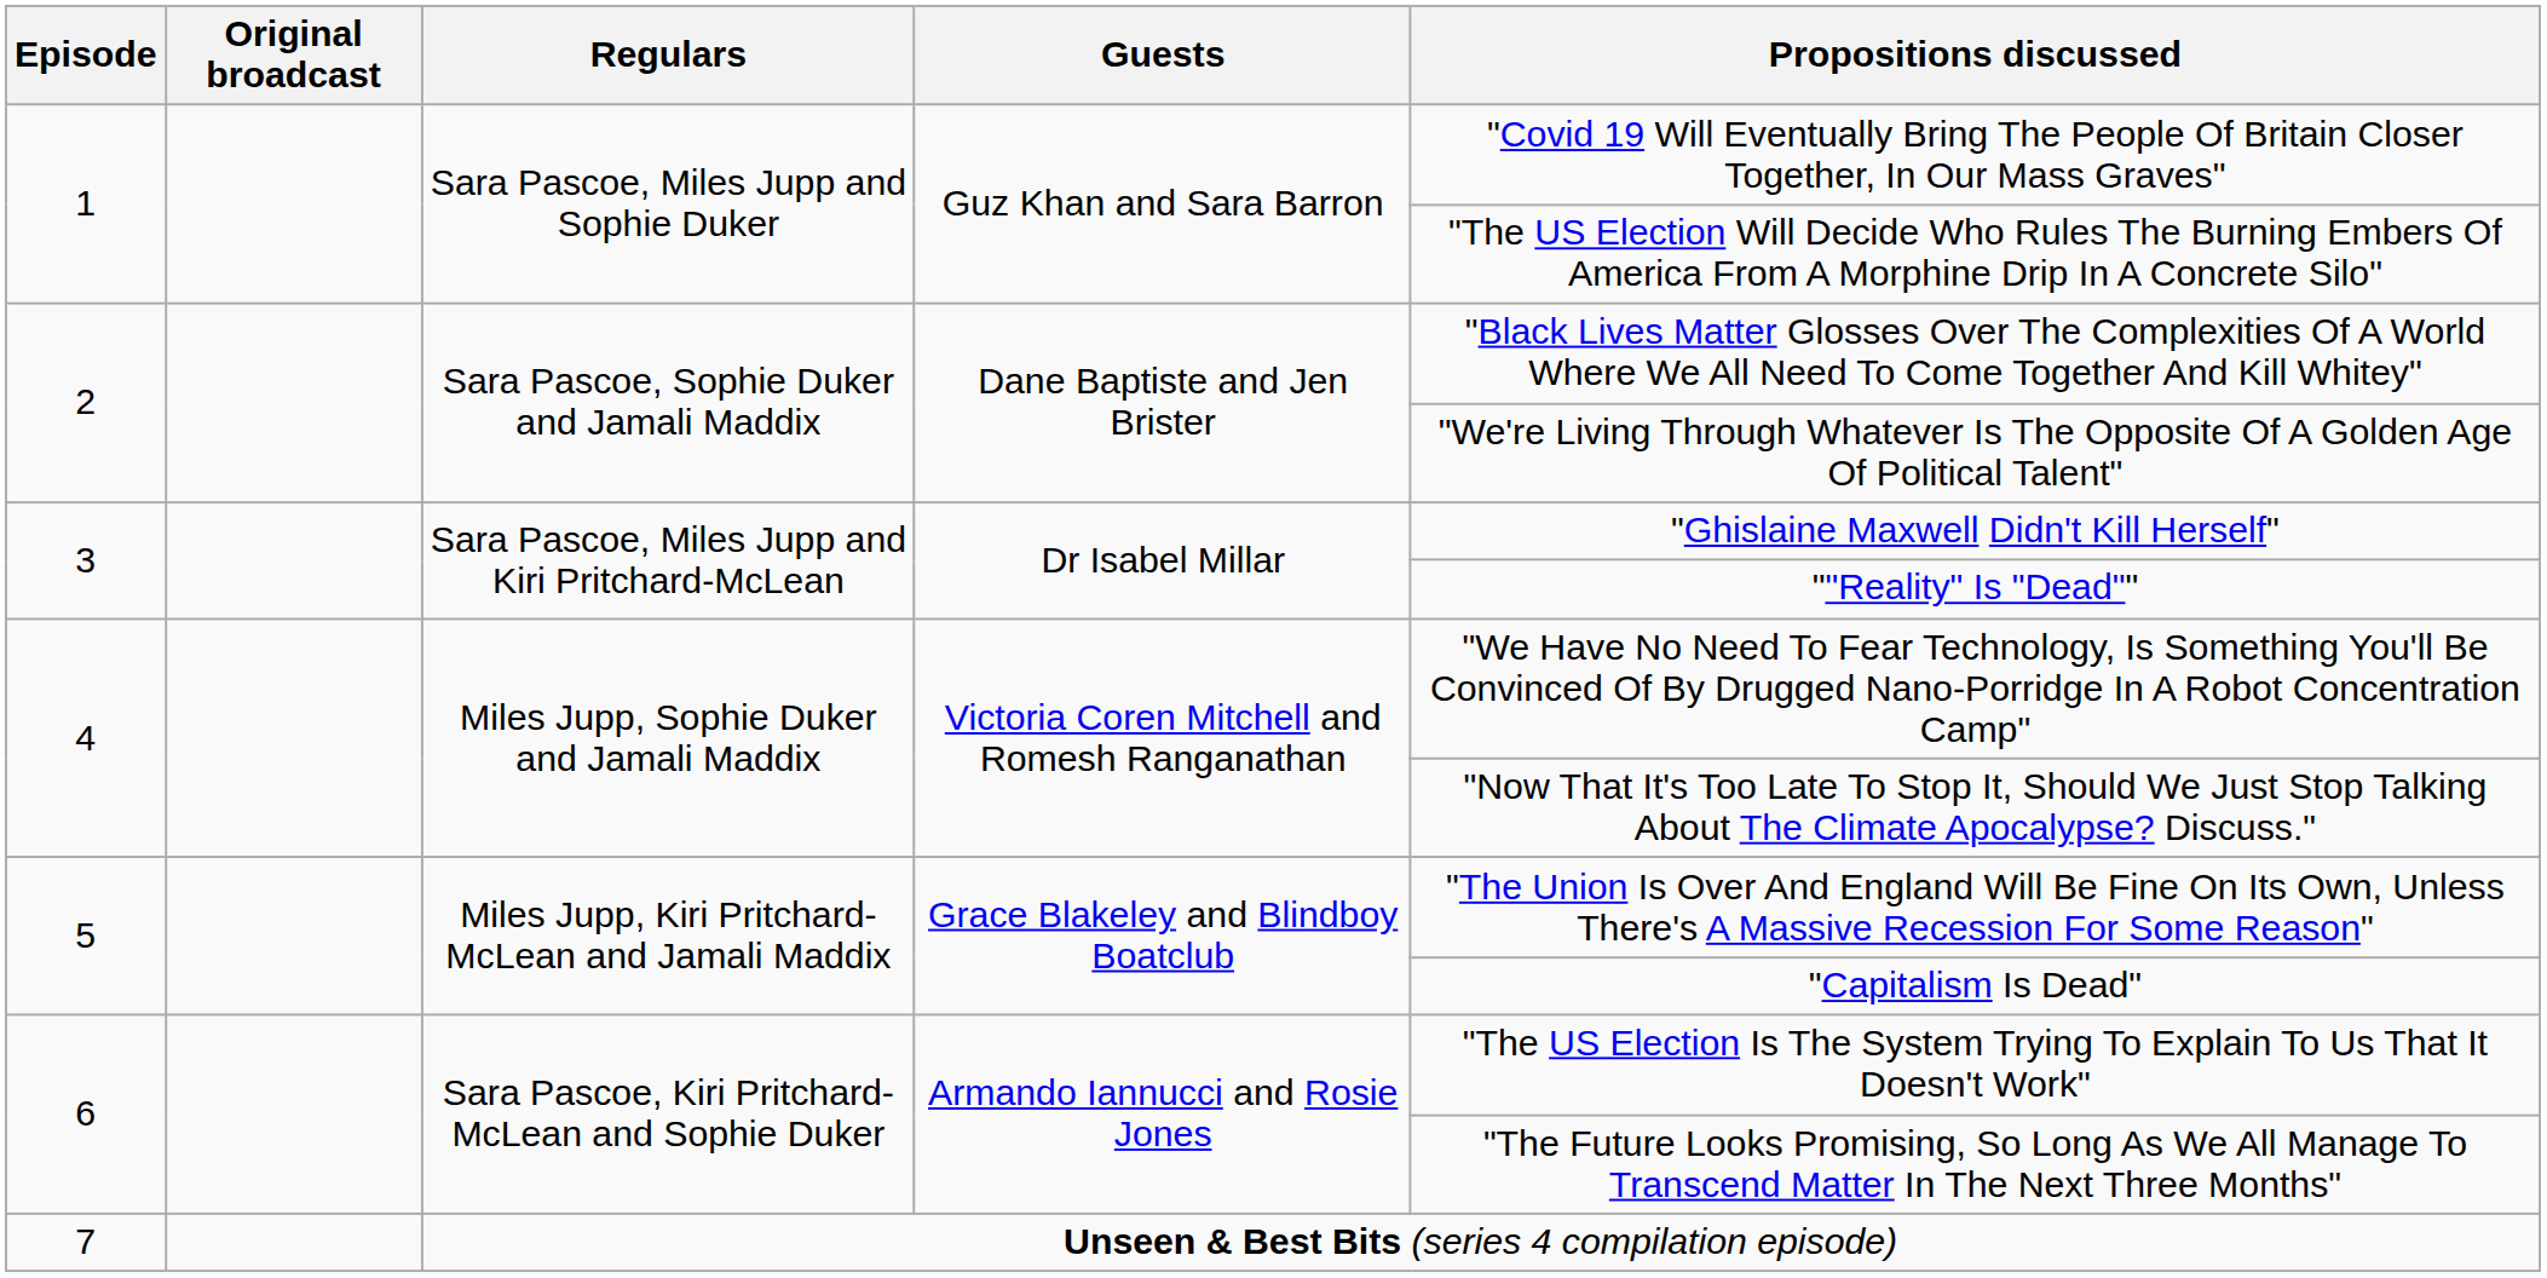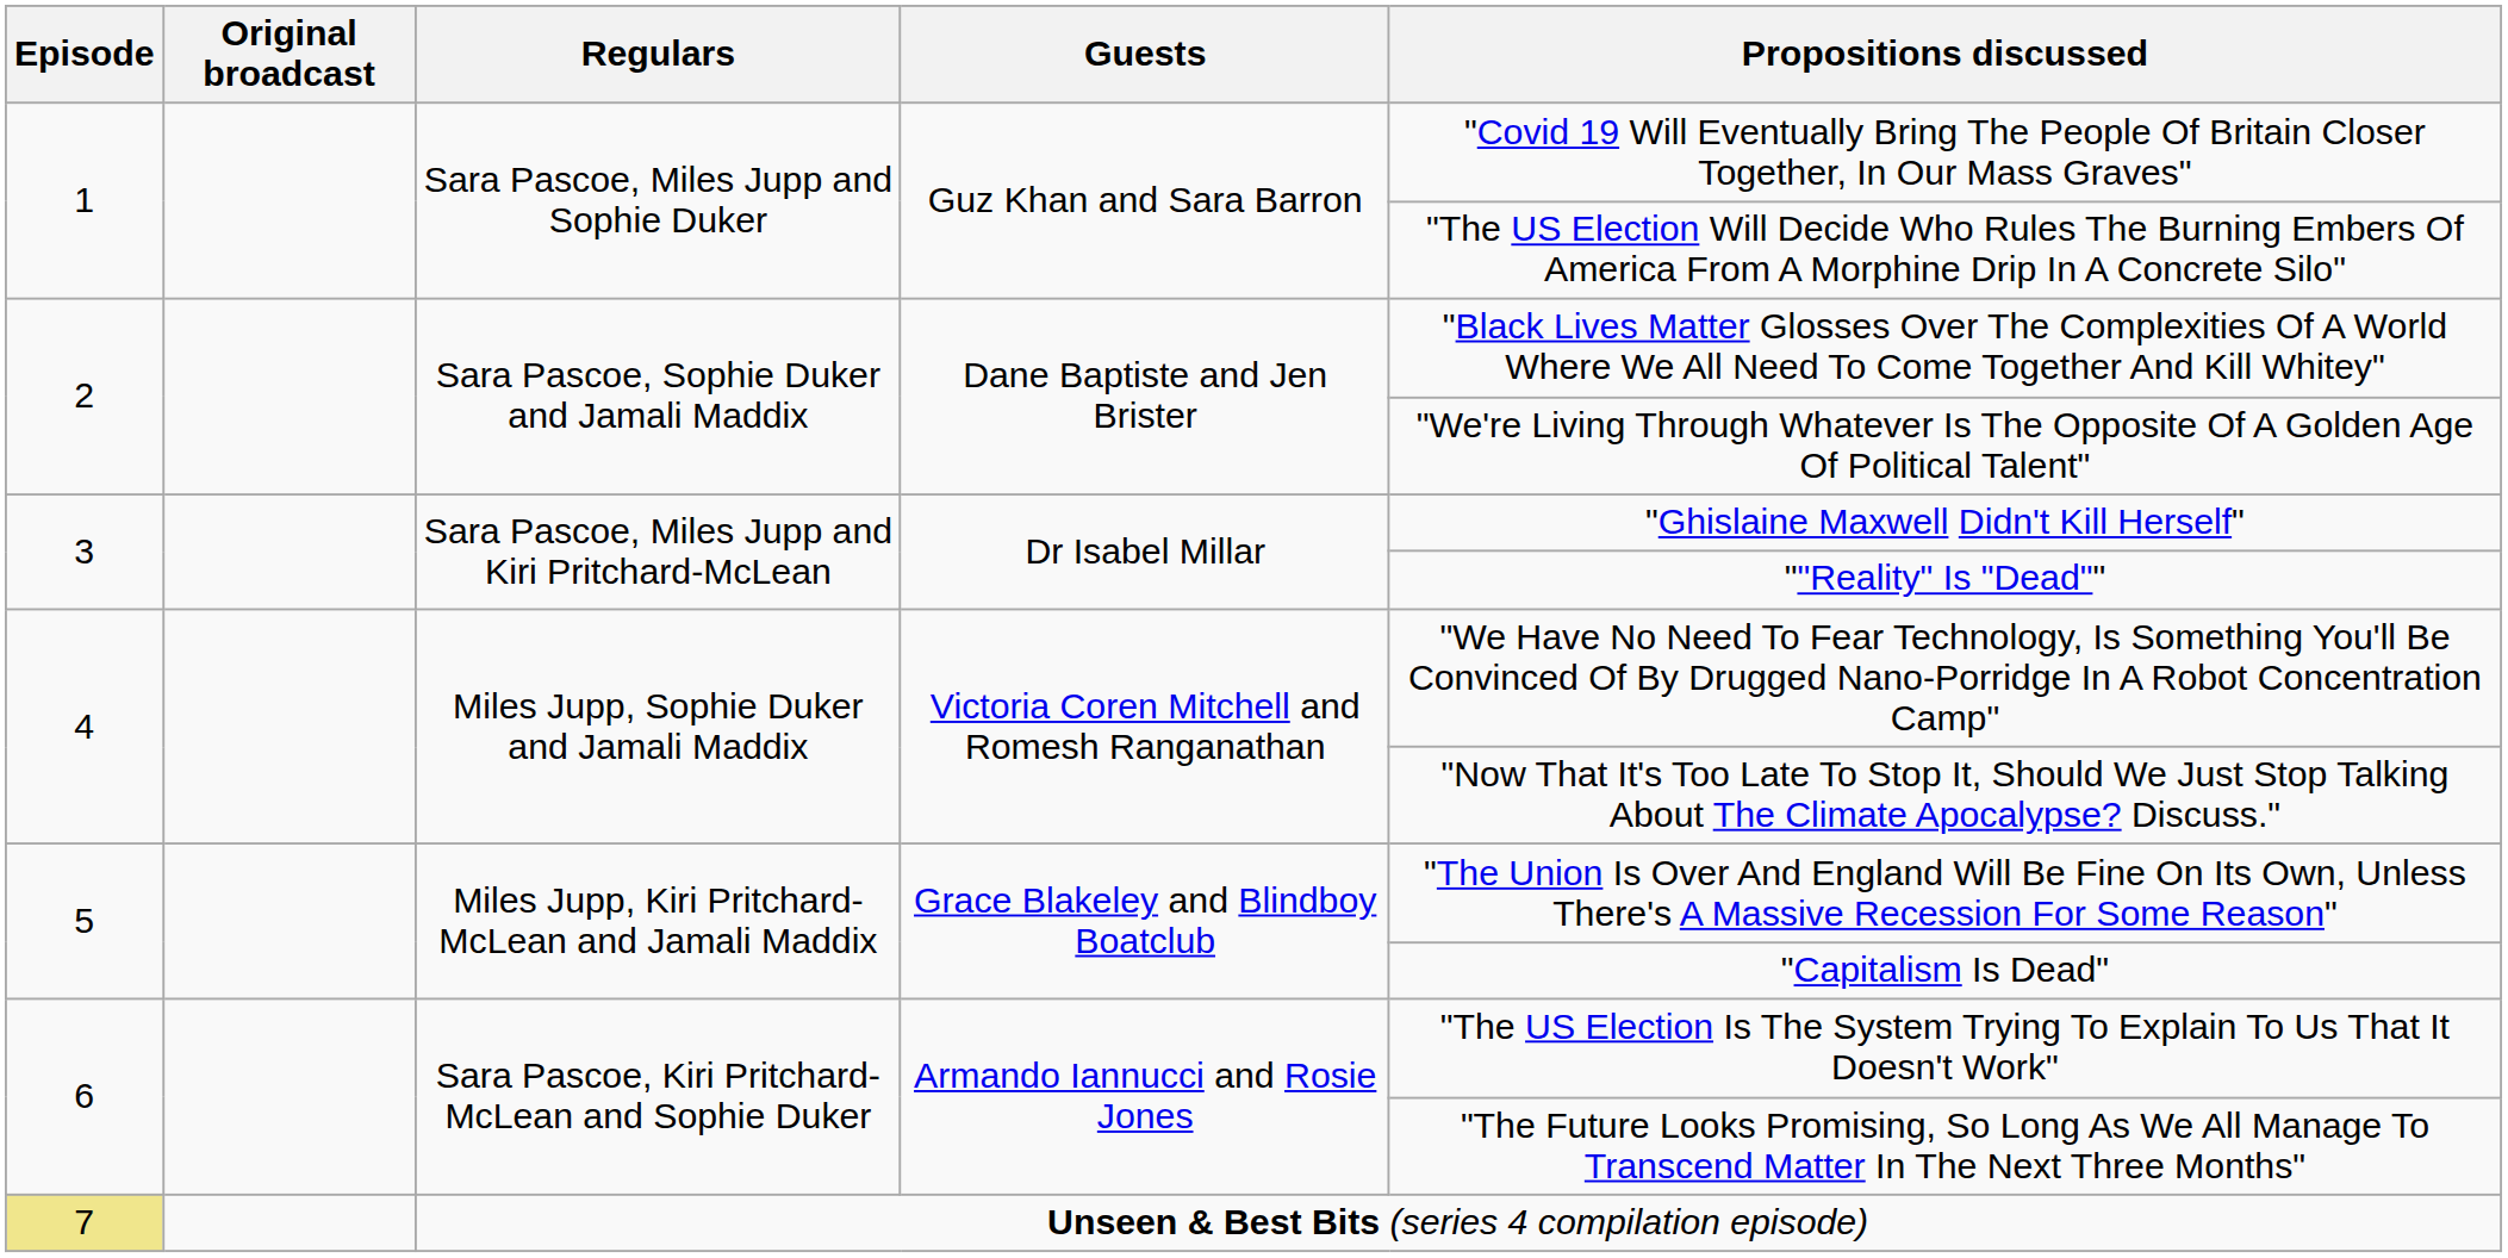 <table class="wikitable" style="text-align:center; width:70%;">
 <tr>
 <th>Episode</th>
 <th>Original broadcast</th>
 <th>Regulars</th>
 <th>Guests</th>
 <th>Propositions discussed</th>
 </tr>
 <tr>
 <td rowspan="2">1</td>
 <td rowspan="2"></td>
 <td rowspan="2">Sara Pascoe, Miles Jupp and Sophie Duker</td>
 <td rowspan="2">Guz Khan and Sara Barron</td>
 <td>"<a href='#'>Covid 19</a> Will Eventually Bring The People Of Britain Closer Together, In Our Mass Graves"</td>
 </tr>
 <tr>
 <td>"The <a href='#'>US Election</a> Will Decide Who Rules The Burning Embers Of America From A Morphine Drip In A Concrete Silo"</td>
 </tr>
 <tr>
 <td rowspan="2">2</td>
 <td rowspan="2"></td>
 <td rowspan="2">Sara Pascoe, Sophie Duker and Jamali Maddix</td>
 <td rowspan="2">Dane Baptiste and Jen Brister</td>
 <td>"<a href='#'>Black Lives Matter</a> Glosses Over The Complexities Of A World Where We All Need To Come Together And Kill Whitey"</td>
 </tr>
 <tr>
 <td>"We're Living Through Whatever Is The Opposite Of A Golden Age Of Political Talent"</td>
 </tr>
 <tr>
 <td rowspan="2">3</td>
 <td rowspan="2"></td>
 <td rowspan="2">Sara Pascoe, Miles Jupp and Kiri Pritchard-McLean</td>
 <td rowspan="2">Dr Isabel Millar</td>
 <td>"<a href='#'>Ghislaine Maxwell</a> <a href='#'>Didn't Kill Herself</a>"</td>
 </tr>
 <tr>
 <td>"<a href='#'>"Reality" Is "Dead"</a>"</td>
 </tr>
 <tr>
 <td rowspan="2">4</td>
 <td rowspan="2"></td>
 <td rowspan="2">Miles Jupp, Sophie Duker and Jamali Maddix</td>
 <td rowspan="2"><a href='#'>Victoria Coren Mitchell</a> and Romesh Ranganathan</td>
 <td>"We Have No Need To Fear Technology, Is Something You'll Be Convinced Of By Drugged Nano-Porridge In A Robot Concentration Camp"</td>
 </tr>
 <tr>
 <td>"Now That It's Too Late To Stop It, Should We Just Stop Talking About <a href='#'>The Climate Apocalypse?</a> Discuss."</td>
 </tr>
 <tr>
 <td rowspan="2">5</td>
 <td rowspan="2"></td>
 <td rowspan="2">Miles Jupp, Kiri Pritchard-McLean and Jamali Maddix</td>
 <td rowspan="2"><a href='#'>Grace Blakeley</a> and <a href='#'>Blindboy Boatclub</a></td>
 <td>"<a href='#'>The Union</a> Is Over And England Will Be Fine On Its Own, Unless There's <a href='#'>A Massive Recession For Some Reason</a>"</td>
 </tr>
 <tr>
 <td>"<a href='#'>Capitalism</a> Is Dead"</td>
 </tr>
 <tr>
 <td rowspan="2">6</td>
 <td rowspan="2"></td>
 <td rowspan="2">Sara Pascoe, Kiri Pritchard-McLean and Sophie Duker</td>
 <td rowspan="2"><a href='#'>Armando Iannucci</a> and <a href='#'>Rosie Jones</a></td>
 <td>"The <a href='#'>US Election</a> Is The System Trying To Explain To Us That It Doesn't Work"</td>
 </tr>
 <tr>
 <td>"The Future Looks Promising, So Long As We All Manage To <a href='#'>Transcend Matter</a> In The Next Three Months"</td>
 </tr>
 <tr>
-<td>7</td>
+<td style="background: khaki;">7</td>
 <td></td>
 <td colspan="3"><strong>Unseen & Best Bits</strong> <em>(series 4 compilation episode)</em></td>
 </tr>
 </table>
